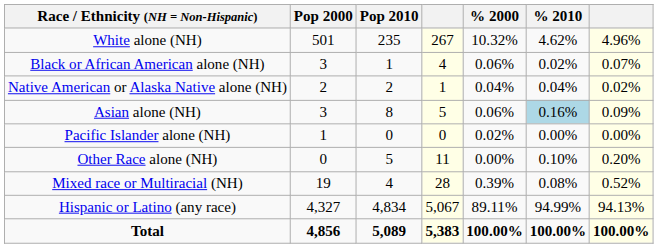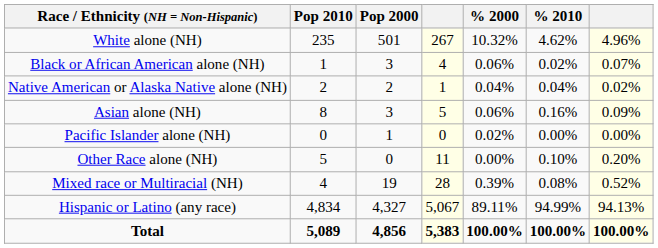 <table class="wikitable" style="text-align:center;">
 <tr>
 <th>Race / Ethnicity <small>(<em>NH = Non-Hispanic</em>)</small></th>
+<th>Pop 2010</th>
 <th>Pop 2000</th>
-<th>Pop 2010</th>
 <th></th>
 <th>% 2000</th>
 <th>% 2010</th>
 <th></th>
 </tr>
 <tr>
 <td><a href='#'>White</a> alone (NH)</td>
+<td>235</td>
 <td>501</td>
-<td>235</td>
 <td style='background: #ffffe6;'>267</td>
 <td>10.32%</td>
 <td>4.62%</td>
 <td style='background: #ffffe6;'>4.96%</td>
 </tr>
 <tr>
 <td><a href='#'>Black or African American</a> alone (NH)</td>
+<td>1</td>
 <td>3</td>
-<td>1</td>
 <td style='background: #ffffe6;'>4</td>
 <td>0.06%</td>
 <td>0.02%</td>
 <td style='background: #ffffe6;'>0.07%</td>
 </tr>
 <tr>
 <td><a href='#'>Native American</a> or <a href='#'>Alaska Native</a> alone (NH)</td>
 <td>2</td>
 <td>2</td>
 <td style='background: #ffffe6;'>1</td>
 <td>0.04%</td>
 <td>0.04%</td>
 <td style='background: #ffffe6;'>0.02%</td>
 </tr>
 <tr>
 <td><a href='#'>Asian</a> alone (NH)</td>
+<td>8</td>
 <td>3</td>
-<td>8</td>
 <td style='background: #ffffe6;'>5</td>
 <td>0.06%</td>
-<td style="background: lightblue;">0.16%</td>
+<td>0.16%</td>
 <td style='background: #ffffe6;'>0.09%</td>
 </tr>
 <tr>
 <td><a href='#'>Pacific Islander</a> alone (NH)</td>
+<td>0</td>
 <td>1</td>
-<td>0</td>
 <td style='background: #ffffe6;'>0</td>
 <td>0.02%</td>
 <td>0.00%</td>
 <td style='background: #ffffe6;'>0.00%</td>
 </tr>
 <tr>
 <td><a href='#'>Other Race</a> alone (NH)</td>
+<td>5</td>
 <td>0</td>
-<td>5</td>
 <td style='background: #ffffe6;'>11</td>
 <td>0.00%</td>
 <td>0.10%</td>
 <td style='background: #ffffe6;'>0.20%</td>
 </tr>
 <tr>
 <td><a href='#'>Mixed race or Multiracial</a> (NH)</td>
+<td>4</td>
 <td>19</td>
-<td>4</td>
 <td style='background: #ffffe6;'>28</td>
 <td>0.39%</td>
 <td>0.08%</td>
 <td style='background: #ffffe6;'>0.52%</td>
 </tr>
 <tr>
 <td><a href='#'>Hispanic or Latino</a> (any race)</td>
+<td>4,834</td>
 <td>4,327</td>
-<td>4,834</td>
 <td style='background: #ffffe6;'>5,067</td>
 <td>89.11%</td>
 <td>94.99%</td>
 <td style='background: #ffffe6;'>94.13%</td>
 </tr>
 <tr>
 <td><strong>Total</strong></td>
+<td><strong>5,089</strong></td>
 <td><strong>4,856</strong></td>
-<td><strong>5,089</strong></td>
 <td style='background: #ffffe6;'><strong>5,383</strong></td>
 <td><strong>100.00%</strong></td>
 <td><strong>100.00%</strong></td>
 <td style='background: #ffffe6;'><strong>100.00%</strong></td>
 </tr>
 </table>
